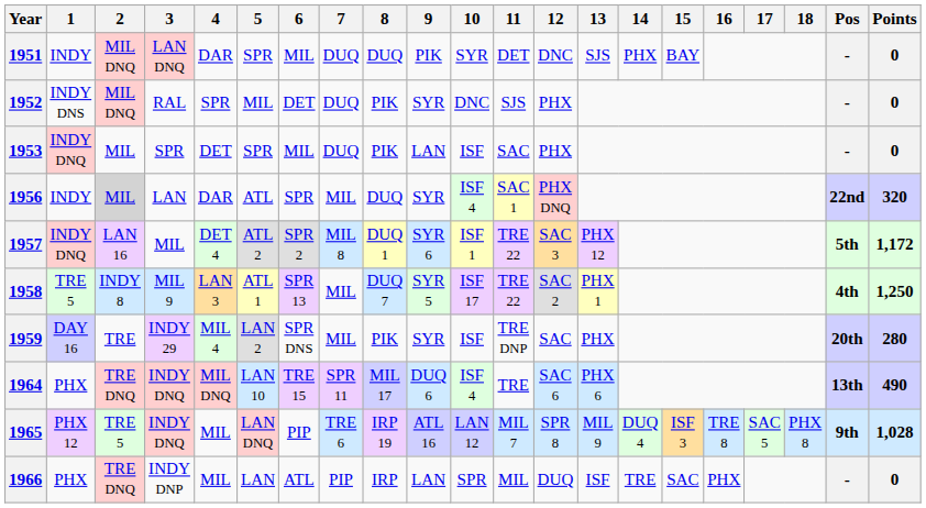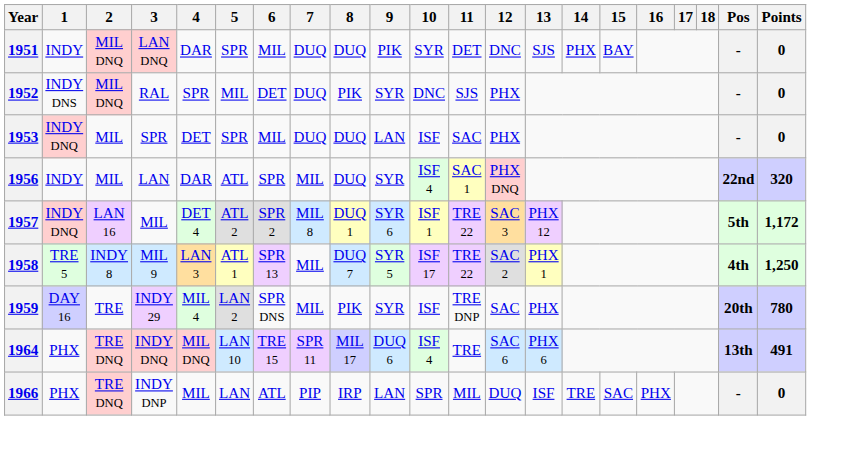 <table class="wikitable" style="text-align:center; font-size:90%">
 <tr>
 <th>Year</th>
 <th>1</th>
 <th>2</th>
 <th>3</th>
 <th>4</th>
 <th>5</th>
 <th>6</th>
 <th>7</th>
 <th>8</th>
 <th>9</th>
 <th>10</th>
 <th>11</th>
 <th>12</th>
 <th>13</th>
 <th>14</th>
 <th>15</th>
 <th>16</th>
 <th>17</th>
 <th>18</th>
 <th>Pos</th>
 <th>Points</th>
 </tr>
 <tr>
 <th rowspan=1><a href='#'>1951</a></th>
 <td><a href='#'>INDY</a><br><small> </small></td>
 <td style="background:#FFCFCF;"><a href='#'>MIL</a><br><small>DNQ</small></td>
 <td style="background:#FFCFCF;"><a href='#'>LAN</a><br><small>DNQ</small></td>
 <td><a href='#'>DAR</a></td>
 <td><a href='#'>SPR</a></td>
 <td><a href='#'>MIL</a></td>
 <td><a href='#'>DUQ</a></td>
 <td><a href='#'>DUQ</a></td>
 <td><a href='#'>PIK</a></td>
 <td><a href='#'>SYR</a></td>
 <td><a href='#'>DET</a></td>
 <td><a href='#'>DNC</a></td>
 <td><a href='#'>SJS</a></td>
 <td><a href='#'>PHX</a></td>
 <td><a href='#'>BAY</a></td>
 <td colspan=3></td>
 <th>-</th>
 <th>0</th>
 </tr>
 <tr>
 <th rowspan=1><a href='#'>1952</a></th>
 <td><a href='#'>INDY</a><br><small>DNS</small></td>
 <td style="background:#FFCFCF;"><a href='#'>MIL</a><br><small>DNQ</small></td>
 <td><a href='#'>RAL</a><br><small> </small></td>
 <td><a href='#'>SPR</a><br><small> </small></td>
 <td><a href='#'>MIL</a><br><small> </small></td>
 <td><a href='#'>DET</a><br><small> </small></td>
 <td><a href='#'>DUQ</a><br><small> </small></td>
 <td><a href='#'>PIK</a><br><small> </small></td>
 <td><a href='#'>SYR</a><br><small> </small></td>
 <td><a href='#'>DNC</a><br><small> </small></td>
 <td><a href='#'>SJS</a><br><small> </small></td>
 <td><a href='#'>PHX</a><br><small> </small></td>
 <td colspan=6></td>
 <th>-</th>
 <th>0</th>
 </tr>
 <tr>
 <th rowspan=1><a href='#'>1953</a></th>
 <td style="background:#FFCFCF;"><a href='#'>INDY</a><br><small>DNQ</small></td>
 <td><a href='#'>MIL</a><br><small> </small></td>
 <td><a href='#'>SPR</a><br><small> </small></td>
 <td><a href='#'>DET</a><br><small> </small></td>
 <td><a href='#'>SPR</a><br><small></small></td>
 <td><a href='#'>MIL</a><br><small></small></td>
 <td><a href='#'>DUQ</a><br><small> </small></td>
-<td><a href='#'>PIK</a><br><small> </small></td>
+<td><a href='#'>DUQ</a></td>
 <td><a href='#'>LAN</a></td>
 <td><a href='#'>ISF</a><br><small> </small></td>
 <td><a href='#'>SAC</a><br><small> </small></td>
 <td><a href='#'>PHX</a><br><small> </small></td>
 <td colspan=6></td>
 <th>-</th>
 <th>0</th>
 </tr>
 <tr>
 <th rowspan=1><a href='#'>1956</a></th>
 <td><a href='#'>INDY</a><br><small> </small></td>
-<td style="background: lightgrey;"><a href='#'>MIL</a><br><small> </small></td>
+<td><a href='#'>MIL</a><br><small> </small></td>
 <td><a href='#'>LAN</a><br><small> </small></td>
 <td><a href='#'>DAR</a><br><small> </small></td>
 <td><a href='#'>ATL</a><br><small> </small></td>
 <td><a href='#'>SPR</a><br><small> </small></td>
 <td><a href='#'>MIL</a><br><small> </small></td>
 <td><a href='#'>DUQ</a><br><small> </small></td>
 <td><a href='#'>SYR</a><br><small> </small></td>
 <td style="background:#DFFFDF;"><a href='#'>ISF</a><br><small>4</small></td>
 <td style="background:#FFFFBF;"><a href='#'>SAC</a><br><small>1</small></td>
 <td style="background:#FFCFCF;"><a href='#'>PHX</a><br><small>DNQ</small></td>
 <td colspan=6></td>
 <th style="background:#CFCFFF;">22nd</th>
 <th style="background:#CFCFFF;">320</th>
 </tr>
 <tr>
 <th rowspan=1><a href='#'>1957</a></th>
 <td style="background:#FFCFCF;"><a href='#'>INDY</a><br><small>DNQ</small></td>
 <td style="background:#EFCFFF;"><a href='#'>LAN</a><br><small>16</small></td>
 <td><a href='#'>MIL</a><br><small> </small></td>
 <td style="background:#DFFFDF;"><a href='#'>DET</a><br><small>4</small></td>
 <td style="background:#DFDFDF;"><a href='#'>ATL</a><br><small>2</small></td>
 <td style="background:#DFDFDF;"><a href='#'>SPR</a><br><small>2</small></td>
 <td style="background:#CFEAFF;"><a href='#'>MIL</a><br><small>8</small></td>
 <td style="background:#FFFFBF;"><a href='#'>DUQ</a><br><small>1</small></td>
 <td style="background:#CFEAFF;"><a href='#'>SYR</a><br><small>6</small></td>
 <td style="background:#FFFFBF;"><a href='#'>ISF</a><br><small>1</small></td>
 <td style="background:#EFCFFF;"><a href='#'>TRE</a><br><small>22</small></td>
 <td style="background:#FFDF9F;"><a href='#'>SAC</a><br><small>3</small></td>
 <td style="background:#EFCFFF;"><a href='#'>PHX</a><br><small>12</small></td>
 <td colspan=5></td>
 <th style="background:#DFFFDF;">5th</th>
 <th style="background:#DFFFDF;">1,172</th>
 </tr>
 <tr>
 <th rowspan=1><a href='#'>1958</a></th>
 <td style="background:#DFFFDF;"><a href='#'>TRE</a><br><small>5</small></td>
 <td style="background:#CFEAFF;"><a href='#'>INDY</a><br><small>8</small></td>
 <td style="background:#CFEAFF;"><a href='#'>MIL</a><br><small>9</small></td>
 <td style="background:#FFDF9F;"><a href='#'>LAN</a><br><small>3</small></td>
 <td style="background:#FFFFBF;"><a href='#'>ATL</a><br><small>1</small></td>
 <td style="background:#EFCFFF;"><a href='#'>SPR</a><br><small>13</small></td>
 <td><a href='#'>MIL</a><br><small> </small></td>
 <td style="background:#CFEAFF;"><a href='#'>DUQ</a><br><small>7</small></td>
 <td style="background:#DFFFDF;"><a href='#'>SYR</a><br><small>5</small></td>
 <td style="background:#EFCFFF;"><a href='#'>ISF</a><br><small>17</small></td>
 <td style="background:#EFCFFF;"><a href='#'>TRE</a><br><small>22</small></td>
 <td style="background:#DFDFDF;"><a href='#'>SAC</a><br><small>2</small></td>
 <td style="background:#FFFFBF;"><a href='#'>PHX</a><br><small>1</small></td>
 <td colspan=5></td>
 <th style="background:#DFFFDF;">4th</th>
 <th style="background:#DFFFDF;">1,250</th>
 </tr>
 <tr>
 <th rowspan=1><a href='#'>1959</a></th>
 <td style="background:#cfcfff;"><a href='#'>DAY</a><br><small>16</small></td>
 <td><a href='#'>TRE</a><br><small> </small></td>
 <td style="background:#efcfff;"><a href='#'>INDY</a><br><small>29</small></td>
 <td style="background:#DFFFDF;"><a href='#'>MIL</a><br><small>4</small></td>
 <td style="background:#dfdfdf;"><a href='#'>LAN</a><br><small>2</small></td>
 <td><a href='#'>SPR</a><br><small>DNS</small></td>
 <td><a href='#'>MIL</a><br><small> </small></td>
 <td><a href='#'>PIK</a><br><small> </small></td>
 <td><a href='#'>SYR</a><br><small> </small></td>
 <td><a href='#'>ISF</a><br><small> </small></td>
 <td><a href='#'>TRE</a><br><small>DNP</small></td>
 <td><a href='#'>SAC</a><br><small> </small></td>
 <td><a href='#'>PHX</a><br><small> </small></td>
 <td colspan=5></td>
 <th style="background:#CFCFFF;">20th</th>
-<th style="background:#CFCFFF;">280</th>
+<th style="background:#CFCFFF;">780</th>
 </tr>
 <tr>
 <th><a href='#'>1964</a></th>
 <td><a href='#'>PHX</a><br><small> </small></td>
 <td style="background:#FFCFCF;"><a href='#'>TRE</a><br><small>DNQ</small></td>
 <td style="background:#FFCFCF;"><a href='#'>INDY</a><br><small>DNQ</small></td>
 <td style="background:#FFCFCF;"><a href='#'>MIL</a><br><small>DNQ</small></td>
 <td style="background:#CFEAFF;"><a href='#'>LAN</a><br><small>10</small></td>
 <td style="background:#EFCFFF;"><a href='#'>TRE</a><br><small>15</small></td>
 <td style="background:#EFCFFF;"><a href='#'>SPR</a><br><small>11</small></td>
 <td style="background:#CFCFFF;"><a href='#'>MIL</a><br><small>17</small></td>
 <td style="background:#CFEAFF;"><a href='#'>DUQ</a><br><small>6</small></td>
 <td style="background:#DFFFDF;"><a href='#'>ISF</a><br><small>4</small></td>
 <td><a href='#'>TRE</a><br><small> </small></td>
 <td style="background:#CFEAFF;"><a href='#'>SAC</a><br><small>6</small></td>
 <td style="background:#CFEAFF;"><a href='#'>PHX</a><br><small>6</small></td>
 <td colspan=5></td>
 <th style="background:#CFCFFF;">13th</th>
-<th style="background:#CFCFFF;">490</th>
-</tr>
-<tr>
-<th><a href='#'>1965</a></th>
-<td style="background:#EFCFFF;"><a href='#'>PHX</a><br><small>12</small></td>
-<td style="background:#DFFFDF;"><a href='#'>TRE</a><br><small>5</small></td>
-<td style="background:#FFCFCF;"><a href='#'>INDY</a><br><small>DNQ</small></td>
-<td><a href='#'>MIL</a><br><small> </small></td>
-<td style="background:#FFCFCF;"><a href='#'>LAN</a><br><small>DNQ</small></td>
-<td><a href='#'>PIP</a></td>
-<td style="background:#CFEAFF;"><a href='#'>TRE</a><br><small>6</small></td>
-<td style="background:#EFCFFF;"><a href='#'>IRP</a><br><small>19</small></td>
-<td style="background:#CFCFFF;"><a href='#'>ATL</a><br><small>16</small></td>
-<td style="background:#CFCFFF;"><a href='#'>LAN</a><br><small>12</small></td>
-<td style="background:#CFEAFF;"><a href='#'>MIL</a><br><small>7</small></td>
-<td style="background:#CFEAFF;"><a href='#'>SPR</a><br><small>8</small></td>
-<td style="background:#CFEAFF;"><a href='#'>MIL</a><br><small>9</small></td>
-<td style="background:#DFFFDF;"><a href='#'>DUQ</a><br><small>4</small></td>
-<td style="background:#FFDF9F;"><a href='#'>ISF</a><br><small>3</small></td>
-<td style="background:#CFEAFF;"><a href='#'>TRE</a><br><small>8</small></td>
-<td style="background:#DFFFDF;"><a href='#'>SAC</a><br><small>5</small></td>
-<td style="background:#CFEAFF;"><a href='#'>PHX</a><br><small>8</small></td>
-<th style="background:#CFEAFF;">9th</th>
-<th style="background:#CFEAFF;">1,028</th>
+<th style="background:#CFCFFF;">491</th>
 </tr>
 <tr>
 <th><a href='#'>1966</a></th>
 <td><a href='#'>PHX</a></td>
 <td style="background:#FFCFCF;"><a href='#'>TRE</a><br><small>DNQ</small></td>
 <td><a href='#'>INDY</a><br><small>DNP</small></td>
 <td><a href='#'>MIL</a></td>
 <td><a href='#'>LAN</a></td>
 <td><a href='#'>ATL</a></td>
 <td><a href='#'>PIP</a></td>
 <td><a href='#'>IRP</a></td>
 <td><a href='#'>LAN</a></td>
 <td><a href='#'>SPR</a></td>
 <td><a href='#'>MIL</a></td>
 <td><a href='#'>DUQ</a></td>
 <td><a href='#'>ISF</a></td>
 <td><a href='#'>TRE</a></td>
 <td><a href='#'>SAC</a></td>
 <td><a href='#'>PHX</a></td>
 <td colspan=2></td>
 <th>-</th>
 <th>0</th>
 </tr>
 </table>
